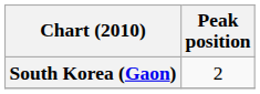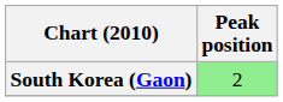 <table class="wikitable sortable plainrowheaders">
 <tr>
 <th>Chart (2010)</th>
 <th>Peak<br>position</th>
 </tr>
 <tr>
 <th scope="row">South Korea (<a href='#'>Gaon</a>)</th>
-<td align="center">2</td>
+<td align="center" style="background: lightgreen;">2</td>
 </tr>
 <tr>
 </tr>
 </table>
